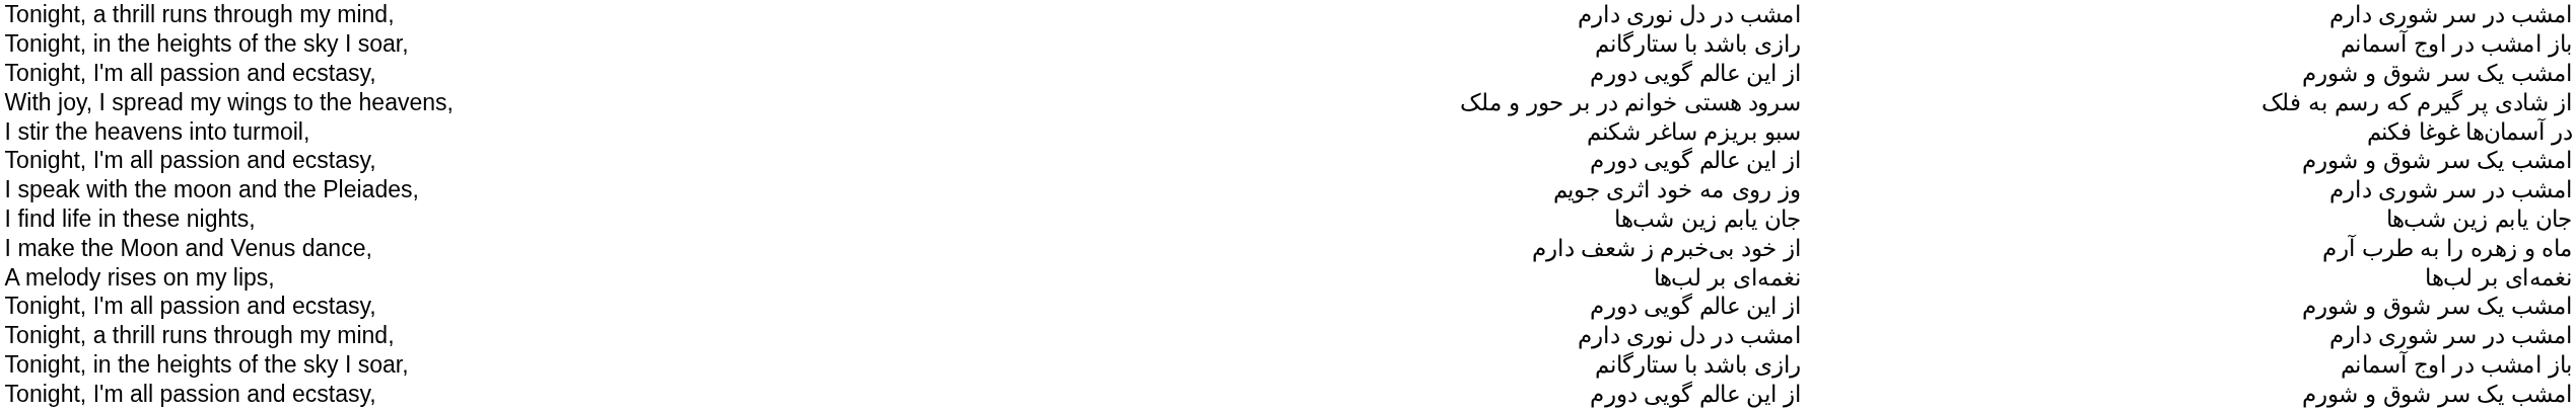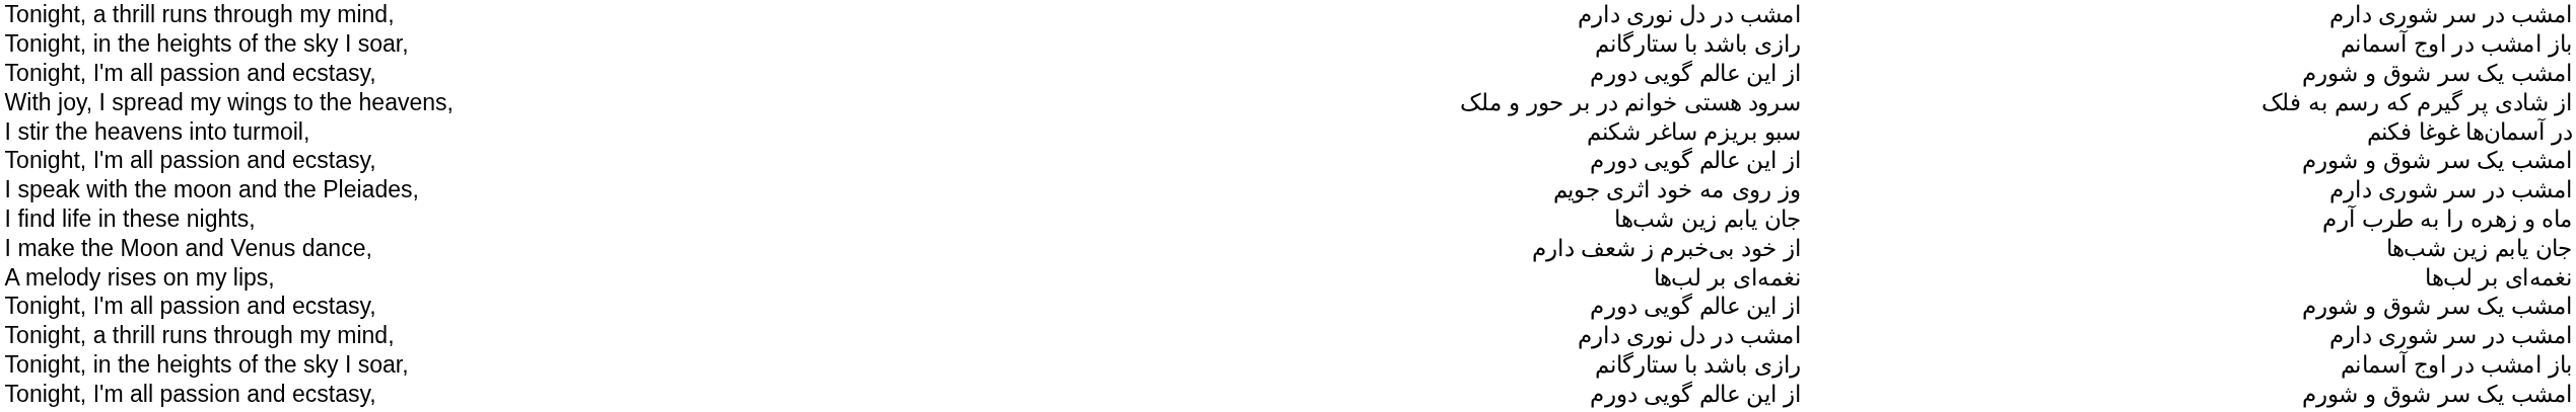 <table style="width:100%; border-collapse:collapse; border:none; font-size:90%;">
 <tr>
 <td style="text-align:left; width:40%;">Tonight, a thrill runs through my mind,</td>
 <td style="text-align:right; width:30%;">امشب در دل نوری دارم</td>
 <td style="text-align:right; width:30%;">امشب در سر شوری دارم</td>
 </tr>
 <tr>
 <td style="text-align:left;">Tonight, in the heights of the sky I soar,</td>
 <td style="text-align:right;">رازی باشد با ستارگانم</td>
 <td style="text-align:right;">باز امشب در اوج آسمانم</td>
 </tr>
 <tr>
 <td style="text-align:left;">Tonight, I'm all passion and ecstasy,</td>
 <td style="text-align:right;">از این عالم گویی دورم</td>
 <td style="text-align:right;">امشب یک سر شوق و شورم</td>
 </tr>
 <tr>
 <td style="text-align:left;">With joy, I spread my wings to the heavens,</td>
 <td style="text-align:right;">سرود هستی خوانم در بر حور و ملک</td>
 <td style="text-align:right;">از شادی پر گیرم که رسم به فلک</td>
 </tr>
 <tr>
 <td style="text-align:left;">I stir the heavens into turmoil,</td>
 <td style="text-align:right;">سبو بریزم ساغر شکنم</td>
 <td style="text-align:right;">در آسمان‌ها غوغا فکنم</td>
 </tr>
 <tr>
 <td style="text-align:left;">Tonight, I'm all passion and ecstasy,</td>
 <td style="text-align:right;">از این عالم گویی دورم</td>
 <td style="text-align:right;">امشب یک سر شوق و شورم</td>
 </tr>
 <tr>
 <td style="text-align:left;">I speak with the moon and the Pleiades,</td>
 <td style="text-align:right;">وز روی مه خود اثری جویم</td>
 <td style="text-align:right;">امشب در سر شوری دارم</td>
 </tr>
 <tr>
 <td style="text-align:left;">I find life in these nights,</td>
 <td style="text-align:right;">جان یابم زین شب‌ها</td>
-<td style="text-align:right;">جان یابم زین شب‌ها</td>
+<td style="text-align:right;">ماه و زهره را به طرب آرم</td>
 </tr>
 <tr>
 <td style="text-align:left;">I make the Moon and Venus dance,</td>
 <td style="text-align:right;">از خود بی‌خبرم ز شعف دارم</td>
-<td style="text-align:right;">ماه و زهره را به طرب آرم</td>
+<td style="text-align:right;">جان یابم زین شب‌ها</td>
 </tr>
 <tr>
 <td style="text-align:left;">A melody rises on my lips,</td>
 <td style="text-align:right;">نغمه‌ای بر لب‌ها</td>
 <td style="text-align:right;">نغمه‌ای بر لب‌ها</td>
 </tr>
 <tr>
 <td style="text-align:left;">Tonight, I'm all passion and ecstasy,</td>
 <td style="text-align:right;">از این عالم گویی دورم</td>
 <td style="text-align:right;">امشب یک سر شوق و شورم</td>
 </tr>
 <tr>
 <td style="text-align:left;">Tonight, a thrill runs through my mind,</td>
 <td style="text-align:right;">امشب در دل نوری دارم</td>
 <td style="text-align:right;">امشب در سر شوری دارم</td>
 </tr>
 <tr>
 <td style="text-align:left;">Tonight, in the heights of the sky I soar,</td>
 <td style="text-align:right;">رازی باشد با ستارگانم</td>
 <td style="text-align:right;">باز امشب در اوج آسمانم</td>
 </tr>
 <tr>
 <td style="text-align:left;">Tonight, I'm all passion and ecstasy,</td>
 <td style="text-align:right;">از این عالم گویی دورم</td>
 <td style="text-align:right;">امشب یک سر شوق و شورم</td>
 </tr>
 </table>
